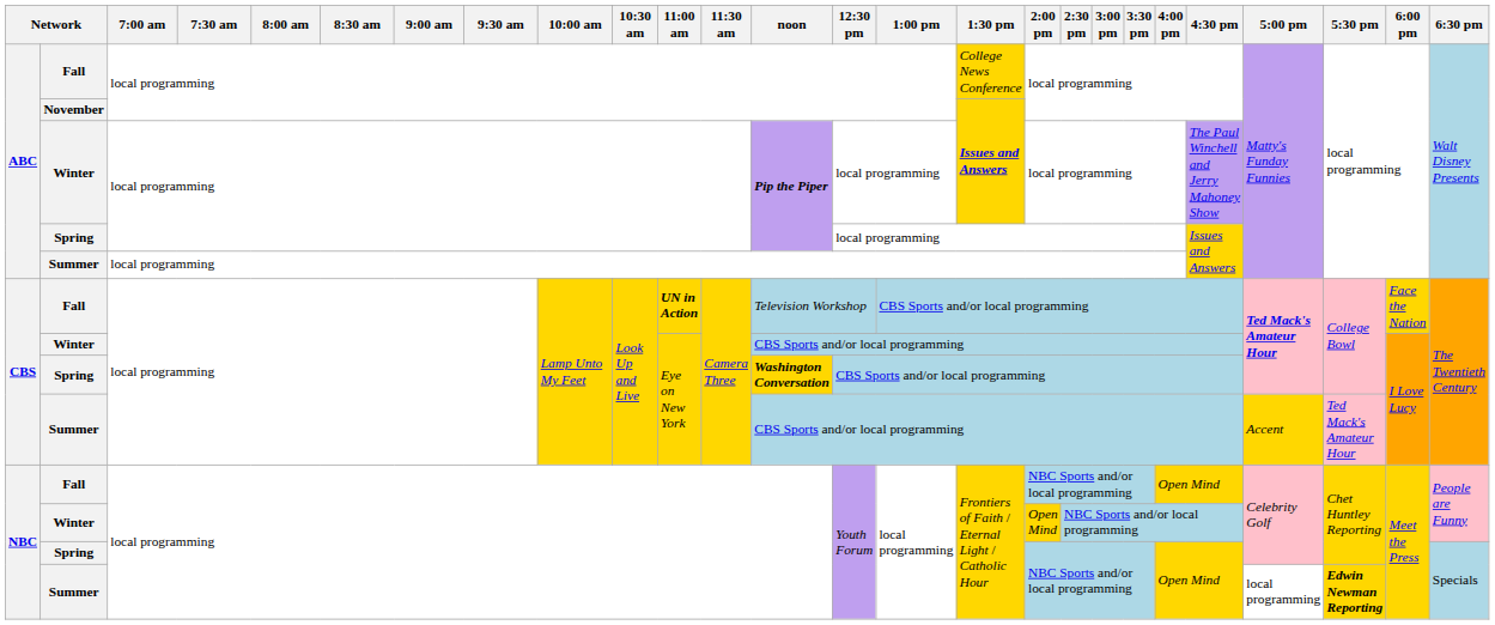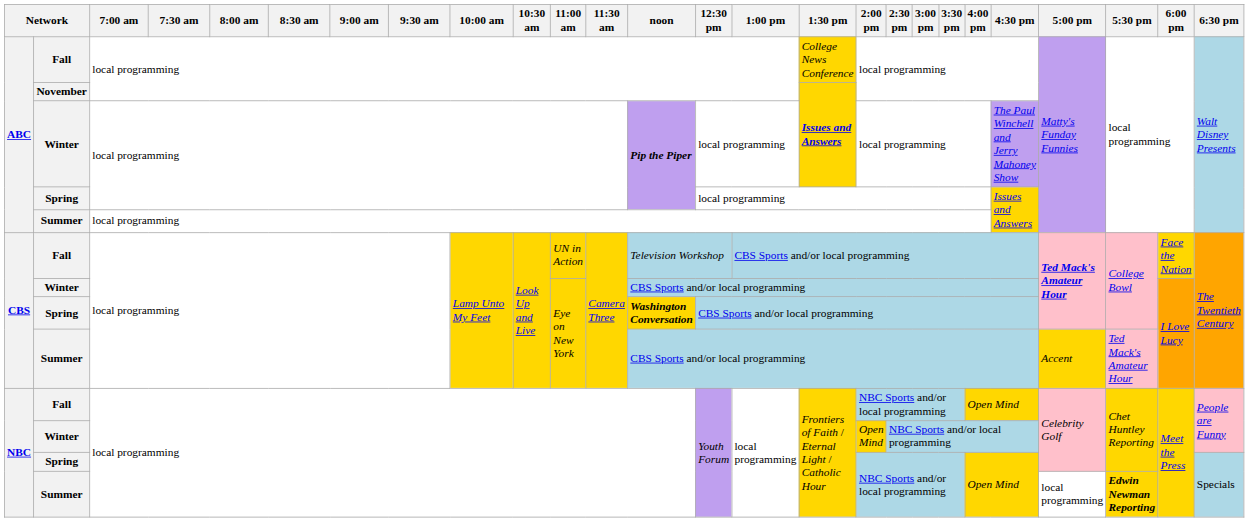 <table class=wikitable style="font-size:90%">
 <tr>
 <th width="1.5%" bgcolor="#C0C0C0" colspan="2">Network</th>
 <th width="13%" bgcolor="#C0C0C0">7:00 am</th>
 <th width="14%" bgcolor="#C0C0C0">7:30 am</th>
 <th width="13%" bgcolor="#C0C0C0">8:00 am</th>
 <th width="14%" bgcolor="#C0C0C0">8:30 am</th>
 <th width="13%" bgcolor="#C0C0C0">9:00 am</th>
 <th width="14%" bgcolor="#C0C0C0">9:30 am</th>
 <th width="13%" bgcolor="#C0C0C0">10:00 am</th>
 <th width="14%" bgcolor="#C0C0C0">10:30 am</th>
 <th width="13%" bgcolor="#C0C0C0">11:00 am</th>
 <th width="14%" bgcolor="#C0C0C0">11:30 am</th>
 <th width="13%" bgcolor="#C0C0C0">noon</th>
 <th width="14%" bgcolor="#C0C0C0">12:30 pm</th>
 <th width="13%" bgcolor="#C0C0C0">1:00 pm</th>
 <th width="14%" bgcolor="#C0C0C0">1:30 pm</th>
 <th width="13%" bgcolor="#C0C0C0">2:00 pm</th>
 <th width="14%" bgcolor="#C0C0C0">2:30 pm</th>
 <th width="13%" bgcolor="#C0C0C0">3:00 pm</th>
 <th width="14%" bgcolor="#C0C0C0">3:30 pm</th>
 <th width="13%" bgcolor="#C0C0C0">4:00 pm</th>
 <th width="14%" bgcolor="#C0C0C0">4:30 pm</th>
 <th width="13%" bgcolor="#C0C0C0">5:00 pm</th>
 <th width="14%" bgcolor="#C0C0C0">5:30 pm</th>
 <th width="13%" bgcolor="#C0C0C0">6:00 pm</th>
 <th width="14%" bgcolor="#C0C0C0">6:30 pm</th>
 </tr>
 <tr>
 <th bgcolor="#C0C0C0" rowspan=5><a href='#'>ABC</a></th>
 <th bgcolor=#C0C0C0>Fall</th>
 <td bgcolor="white" colspan="13" rowspan=2>local programming</td>
 <td bgcolor="gold"><em>College News Conference</em></td>
 <td bgcolor="white" colspan="6" rowspan=2>local programming</td>
 <td bgcolor="bf9fef" rowspan=5><em><a href='#'>Matty's Funday Funnies</a></em></td>
 <td bgcolor="white" colspan="2" rowspan=5>local programming</td>
 <td bgcolor="lightblue" rowspan=5><em><a href='#'>Walt Disney Presents</a></em></td>
 </tr>
 <tr>
 <th bgcolor=#C0C0C0>November</th>
 <td bgcolor="gold" rowspan=2><strong><em><a href='#'>Issues and Answers</a></em></strong></td>
 </tr>
 <tr>
 <th bgcolor=#C0C0C0>Winter</th>
 <td bgcolor="white"  rowspan=2 colspan="10">local programming</td>
 <td bgcolor="bf9fef" rowspan=2><strong><em>Pip the Piper</em></strong></td>
 <td bgcolor="white" colspan="2">local programming</td>
 <td bgcolor="white" colspan="5">local programming</td>
 <td bgcolor="bf9fef"><em><a href='#'>The Paul Winchell and Jerry Mahoney Show</a></em></td>
 </tr>
 <tr>
 <th bgcolor=#C0C0C0>Spring</th>
 <td bgcolor="white" colspan="8">local programming</td>
 <td bgcolor="gold"rowspan=2><em><a href='#'>Issues and Answers</a></em></td>
 </tr>
 <tr>
 <th bgcolor=#C0C0C0>Summer</th>
 <td bgcolor="white" colspan="19">local programming</td>
 </tr>
 <tr>
 <th bgcolor="#C0C0C0" rowspan=4><a href='#'>CBS</a></th>
 <th bgcolor=#C0C0C0>Fall</th>
 <td bgcolor="white" colspan="6" rowspan=4>local programming</td>
 <td bgcolor=gold rowspan=4><em><a href='#'>Lamp Unto My Feet</a></em></td>
 <td bgcolor="gold" rowspan=4><em><a href='#'>Look Up and Live</a></em></td>
-<td bgcolor="gold"><strong><em>UN in Action</em></strong></td>
+<td bgcolor="gold"><em>UN in Action</em></td>
 <td bgcolor="gold" rowspan=4><em><a href='#'>Camera Three</a></em></td>
 <td bgcolor="lightblue" colspan=2><em>Television Workshop</em></td>
 <td bgcolor="lightblue" colspan=8><a href='#'>CBS Sports</a> and/or local programming</td>
 <td bgcolor="pink" rowspan=3><strong><em><a href='#'>Ted Mack's Amateur Hour</a></em></strong></td>
 <td bgcolor="pink" rowspan=3><em><a href='#'>College Bowl</a></em></td>
 <td bgcolor="gold"><em><a href='#'>Face the Nation</a></em></td>
 <td bgcolor="orange" rowspan=4><em><a href='#'>The Twentieth Century</a></em> </td>
 </tr>
 <tr>
 <th bgcolor=#C0C0C0>Winter</th>
 <td bgcolor="gold" rowspan=3><em>Eye on New York</em></td>
 <td bgcolor="lightblue" colspan=10><a href='#'>CBS Sports</a> and/or local programming</td>
 <td bgcolor="orange" rowspan=3><em><a href='#'>I Love Lucy</a></em> </td>
 </tr>
 <tr>
 <th bgcolor=#C0C0C0>Spring</th>
 <td bgcolor="gold"><strong><em>Washington Conversation</em></strong></td>
 <td bgcolor="lightblue" colspan=9><a href='#'>CBS Sports</a> and/or local programming</td>
 </tr>
 <tr>
 <th bgcolor=#C0C0C0>Summer</th>
 <td bgcolor="lightblue" colspan=10><a href='#'>CBS Sports</a> and/or local programming</td>
 <td bgcolor="gold"><em>Accent</em></td>
 <td bgcolor="pink"><em><a href='#'>Ted Mack's Amateur Hour</a></em></td>
 </tr>
 <tr>
 <th bgcolor="#C0C0C0" rowspan=4><a href='#'>NBC</a></th>
 <th bgcolor=#C0C0C0>Fall</th>
 <td bgcolor="white" colspan="11" rowspan=4>local programming</td>
 <td bgcolor="bf9fef" rowspan=4><em>Youth Forum</em></td>
 <td bgcolor="white" rowspan=4>local programming</td>
 <td bgcolor="gold" rowspan=4><em>Frontiers of Faith</em> / <em>Eternal Light</em> / <em>Catholic Hour</em></td>
 <td bgcolor="lightblue" colspan="4"><a href='#'>NBC Sports</a> and/or local programming</td>
 <td bgcolor="gold" colspan="2"><em>Open Mind</em></td>
 <td bgcolor="pink" rowspan=3><em>Celebrity Golf</em></td>
 <td bgcolor="gold" rowspan=3><em>Chet Huntley Reporting</em></td>
 <td bgcolor="gold" rowspan=4><em><a href='#'>Meet the Press</a></em></td>
 <td bgcolor="pink" rowspan=2><em><a href='#'>People are Funny</a></em> </td>
 </tr>
 <tr>
 <th bgcolor=#C0C0C0>Winter</th>
 <td bgcolor="gold"><em>Open Mind</em></td>
 <td bgcolor="lightblue" colspan="5"><a href='#'>NBC Sports</a> and/or local programming</td>
 </tr>
 <tr>
 <th bgcolor=#C0C0C0>Spring</th>
 <td bgcolor="lightblue" colspan="4"rowspan=2><a href='#'>NBC Sports</a> and/or local programming</td>
 <td bgcolor="gold" colspan="2"rowspan=2><em>Open Mind</em></td>
 <td bgcolor="lightblue" rowspan=2>Specials</td>
 </tr>
 <tr>
 <th bgcolor=#C0C0C0>Summer</th>
 <td bgcolor="white">local programming</td>
 <td bgcolor="gold"><strong><em>Edwin Newman Reporting</em></strong></td>
 </tr>
 </table>
